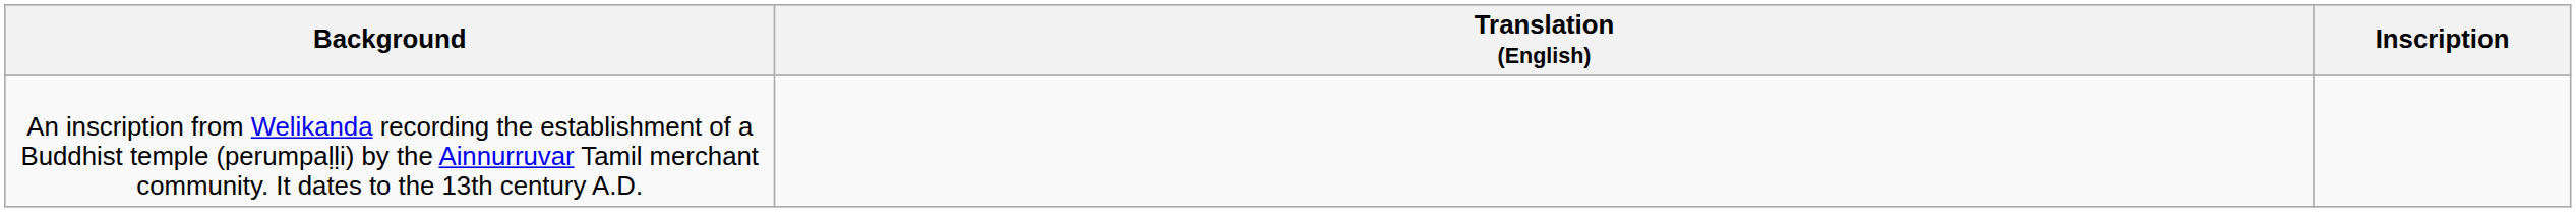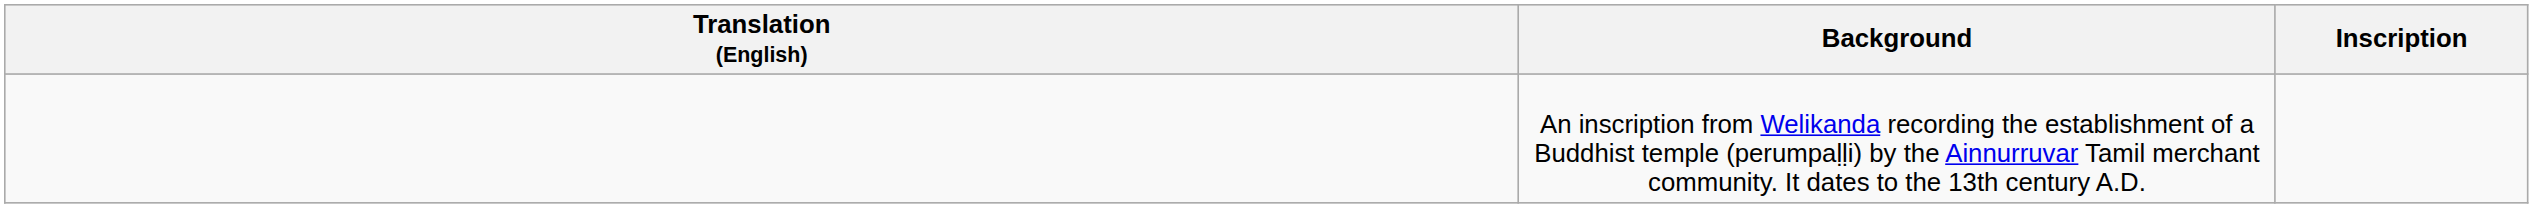 <table class="wikitable centre">
 <tr>
+<th>Translation<br><small>(English)</small></th>
 <th scope="col" align=left>Background<br></th>
-<th>Translation<br><small>(English)</small></th>
 <th>Inscription<br></th>
 </tr>
 <tr>
+<td align=left><br></td>
 <td align=center width="30%"><br>An inscription from <a href='#'>Welikanda</a> recording the establishment of a Buddhist temple (perumpaḷḷi) by the <a href='#'>Ainnurruvar</a> Tamil merchant community. It dates to the 13th century A.D.</td>
-<td align=left><br></td>
 <td align=center width="10%"><br></td>
 </tr>
 </table>
